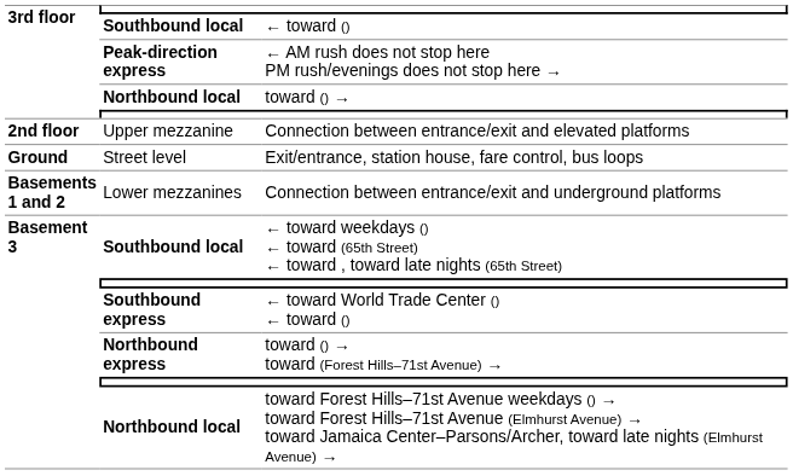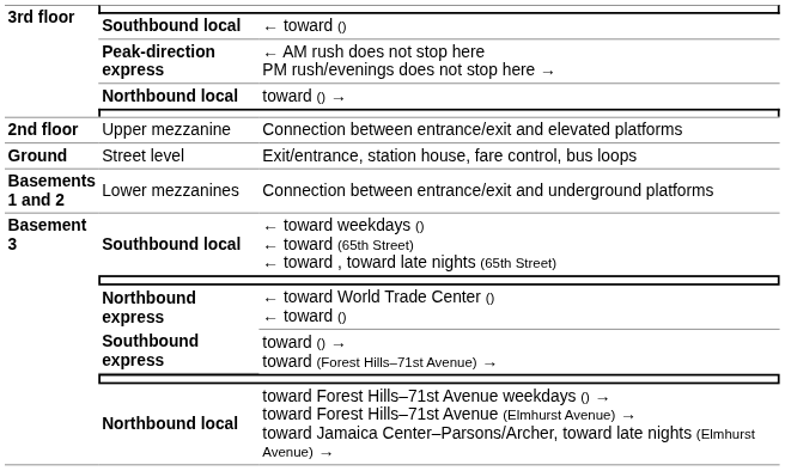 <table table border=0 cellspacing=0 cellpadding=3>
 <tr>
 <td style="border-top:solid 1px gray;vertical-align:top;" rowspan=5><strong>3rd floor</strong></td>
 <td style="border-top:solid 1px gray;border-right:solid 2px black;border-left:solid 2px black;border-bottom:solid 2px black;text-align:center;" colspan=2></td>
 </tr>
 <tr>
 <td style="border-bottom:solid 1px gray;color:#"><strong>Southbound local</strong></td>
 <td style="border-bottom:solid 1px gray;">←  toward  <small>()</small></td>
 </tr>
 <tr>
 <td style="border-bottom:solid 1px gray;color:#"><strong>Peak-direction express</strong></td>
 <td style="border-bottom:solid 1px gray;">←  AM rush does not stop here<br>  PM rush/evenings does not stop here →</td>
 </tr>
 <tr>
 <td style="color:#"><strong>Northbound local</strong></td>
 <td>  toward  <small>()</small> →</td>
 </tr>
 <tr>
 <td style="border-right:solid 2px black;border-left:solid 2px black;border-top:solid 2px black;text-align:center;" colspan=2></td>
 </tr>
 <tr>
 <td style="border-top:solid 1px gray;"><strong>2nd floor</strong></td>
 <td style="border-top:solid 1px gray;">Upper mezzanine</td>
 <td style="border-top:solid 1px gray;">Connection between entrance/exit and elevated platforms</td>
 </tr>
 <tr>
 <td style="border-top:solid 1px gray;" width=50><strong>Ground</strong></td>
 <td style="border-top:solid 1px gray;" width=150>Street level</td>
 <td style="border-top:solid 1px gray;" width=500>Exit/entrance, station house, fare control, bus loops<br></td>
 </tr>
 <tr>
 <td style="border-top:solid 1px gray;"><strong>Basements 1 and 2</strong></td>
 <td style="border-top:solid 1px gray;">Lower mezzanines</td>
 <td style="border-top:solid 1px gray;">Connection between entrance/exit and underground platforms</td>
 </tr>
 <tr>
 <td style="border-bottom:solid 1px gray;border-top:solid 1px gray;vertical-align:top;" rowspan=6><strong>Basement 3</strong></td>
 <td style="border-top:solid 1px gray;color:#"><strong>Southbound local</strong></td>
 <td style="border-top:solid 1px gray;">←  toward  weekdays <small>()</small><br>←  toward  <small>(65th Street)</small><br>←  toward ,  toward  late nights <small>(65th Street)</small></td>
 </tr>
 <tr>
 <td style="border-top:solid 2px black;border-right:solid 2px black;border-left:solid 2px black;border-bottom:solid 2px black;text-align:center;" colspan=2></td>
 </tr>
 <tr>
-<td style="border-bottom:solid 1px gray;color:#"><strong>Southbound express</strong></td>
+<td style="color:#"><strong>Northbound express</strong></td>
 <td style="border-bottom:solid 1px gray;">←  toward World Trade Center <small>()</small><br>←  toward  <small>()</small></td>
 </tr>
 <tr>
-<td style="color:#"><strong>Northbound express</strong></td>
+<td style="border-bottom:solid 1px gray;color:#"><strong>Southbound express</strong></td>
 <td>  toward  <small>()</small> →<br>  toward  <small>(Forest Hills–71st Avenue)</small> →</td>
 </tr>
 <tr>
 <td style="border-top:solid 2px black;border-right:solid 2px black;border-left:solid 2px black;border-bottom:solid 2px black;text-align:center;" colspan=2></td>
 </tr>
 <tr>
 <td style="border-bottom:solid 1px gray;color:#"><strong>Northbound local</strong></td>
 <td style="border-bottom:solid 1px gray;">  toward Forest Hills–71st Avenue weekdays <small>()</small> →<br>  toward Forest Hills–71st Avenue <small>(Elmhurst Avenue)</small> →<br>  toward Jamaica Center–Parsons/Archer,  toward  late nights <small>(Elmhurst Avenue)</small> →</td>
 </tr>
 </table>
